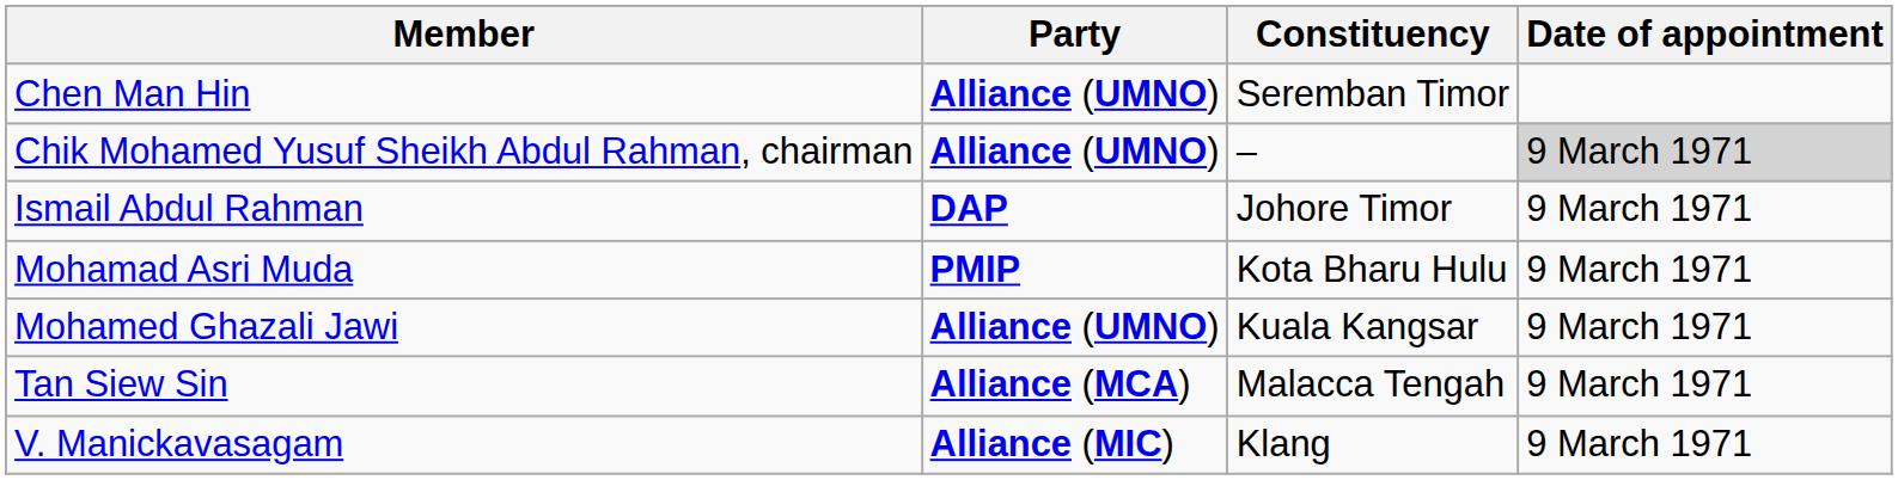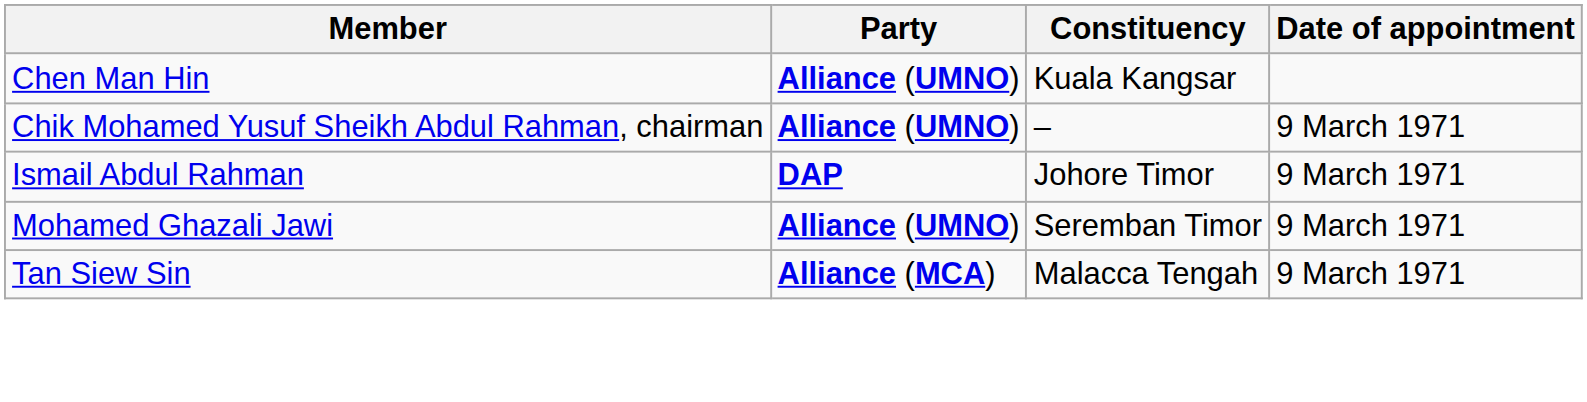 <table class=wikitable>
 <tr>
 <th>Member</th>
 <th>Party</th>
 <th>Constituency</th>
 <th>Date of appointment</th>
 </tr>
 <tr>
 <td><a href='#'>Chen Man Hin</a></td>
 <td><strong><a href='#'>Alliance</a></strong> (<strong><a href='#'>UMNO</a></strong>)</td>
-<td>Seremban Timor</td>
+<td>Kuala Kangsar</td>
 <td></td>
 </tr>
 <tr>
 <td><a href='#'>Chik Mohamed Yusuf Sheikh Abdul Rahman</a>, chairman</td>
 <td><strong><a href='#'>Alliance</a></strong> (<strong><a href='#'>UMNO</a></strong>)</td>
 <td>–</td>
-<td style="background: lightgrey;">9 March 1971</td>
+<td>9 March 1971</td>
 </tr>
 <tr>
 <td><a href='#'>Ismail Abdul Rahman</a></td>
 <td><strong><a href='#'>DAP</a></strong></td>
 <td>Johore Timor</td>
 <td>9 March 1971</td>
 </tr>
 <tr>
-<td><a href='#'>Mohamad Asri Muda</a></td>
-<td><strong><a href='#'>PMIP</a></strong></td>
-<td>Kota Bharu Hulu</td>
-<td>9 March 1971</td>
-</tr>
-<tr>
 <td><a href='#'>Mohamed Ghazali Jawi</a></td>
 <td><strong><a href='#'>Alliance</a></strong> (<strong><a href='#'>UMNO</a></strong>)</td>
-<td>Kuala Kangsar</td>
+<td>Seremban Timor</td>
 <td>9 March 1971</td>
 </tr>
 <tr>
 <td><a href='#'>Tan Siew Sin</a></td>
 <td><strong><a href='#'>Alliance</a></strong> (<strong><a href='#'>MCA</a></strong>)</td>
 <td>Malacca Tengah</td>
 <td>9 March 1971</td>
 </tr>
-<tr>
-<td><a href='#'>V. Manickavasagam</a></td>
-<td><strong><a href='#'>Alliance</a></strong> (<strong><a href='#'>MIC</a></strong>)</td>
-<td>Klang</td>
-<td>9 March 1971</td>
-</tr>
 </table>
